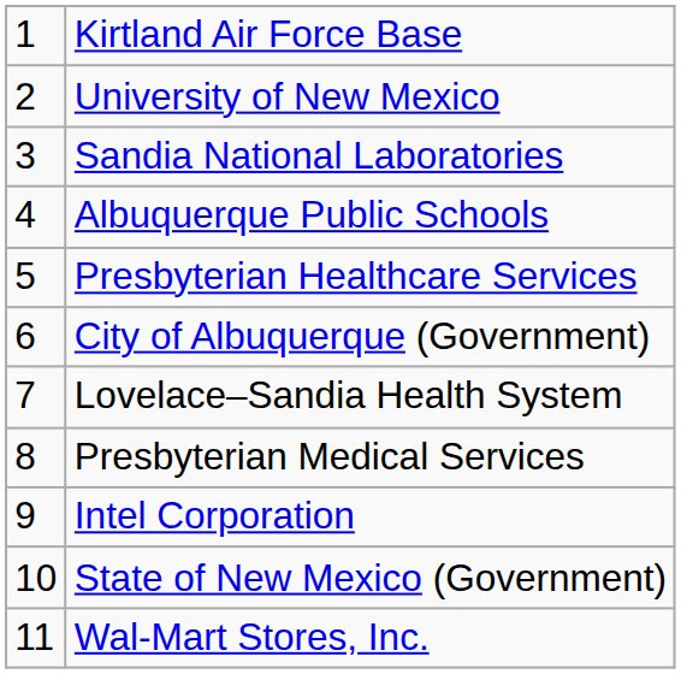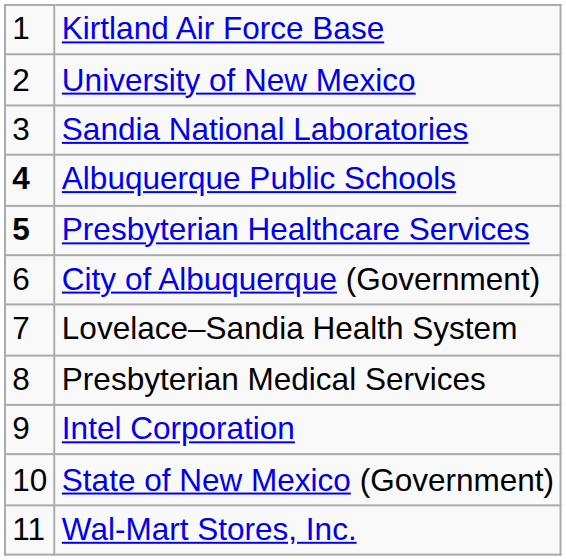 <table class="wikitable floatright">
 <tr>
 <td>1</td>
 <td><a href='#'>Kirtland Air Force Base</a></td>
 </tr>
 <tr>
 <td>2</td>
 <td><a href='#'>University of New Mexico</a></td>
 </tr>
 <tr>
 <td>3</td>
 <td><a href='#'>Sandia National Laboratories</a></td>
 </tr>
 <tr>
-<td>4</td>
+<td><strong>4</strong></td>
 <td><a href='#'>Albuquerque Public Schools</a></td>
 </tr>
 <tr>
-<td>5</td>
+<td><strong>5</strong></td>
 <td><a href='#'>Presbyterian Healthcare Services</a></td>
 </tr>
 <tr>
 <td>6</td>
 <td><a href='#'>City of Albuquerque</a> (Government)</td>
 </tr>
 <tr>
 <td>7</td>
 <td>Lovelace–Sandia Health System</td>
 </tr>
 <tr>
 <td>8</td>
 <td>Presbyterian Medical Services</td>
 </tr>
 <tr>
 <td>9</td>
 <td><a href='#'>Intel Corporation</a></td>
 </tr>
 <tr>
 <td>10</td>
 <td><a href='#'>State of New Mexico</a> (Government)</td>
 </tr>
 <tr>
 <td>11</td>
 <td><a href='#'>Wal-Mart Stores, Inc.</a></td>
 </tr>
 </table>
